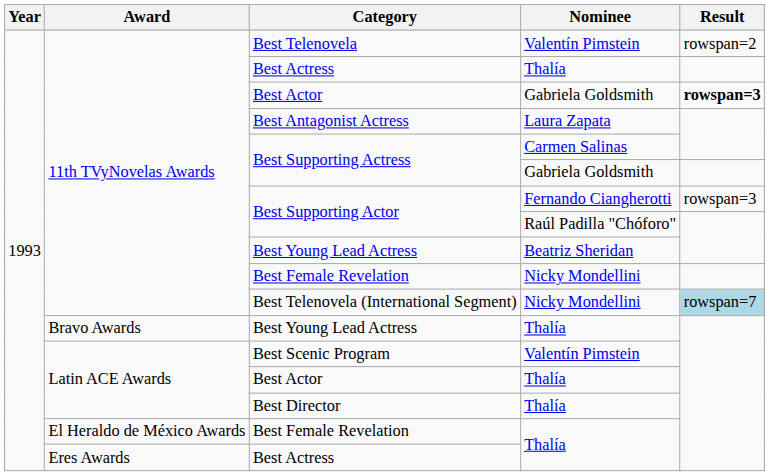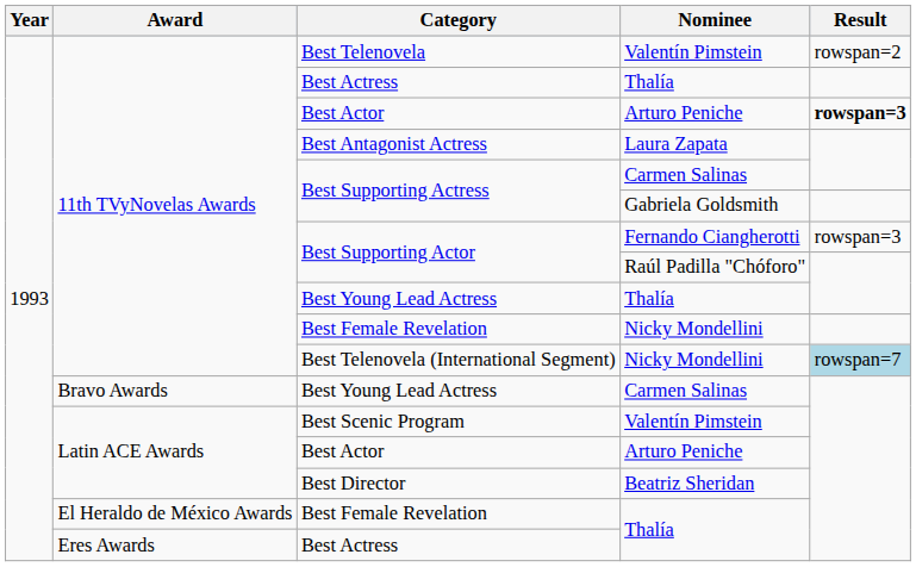 <table class="wikitable">
 <tr style="background:#b0c4de;">
 <th>Year</th>
 <th>Award</th>
 <th>Category</th>
 <th>Nominee</th>
 <th>Result</th>
 </tr>
 <tr>
 <td rowspan=17>1993</td>
 <td rowspan=11><a href='#'>11th TVyNovelas Awards</a></td>
 <td><a href='#'>Best Telenovela</a></td>
 <td><a href='#'>Valentín Pimstein</a></td>
 <td>rowspan=2 </td>
 </tr>
 <tr>
 <td><a href='#'>Best Actress</a></td>
 <td><a href='#'>Thalía</a></td>
 </tr>
 <tr>
 <td><a href='#'>Best Actor</a></td>
-<td>Gabriela Goldsmith</td>
+<td><a href='#'>Arturo Peniche</a></td>
 <td><strong>rowspan=3 </strong></td>
 </tr>
 <tr>
 <td><a href='#'>Best Antagonist Actress</a></td>
 <td><a href='#'>Laura Zapata</a></td>
 </tr>
 <tr>
 <td rowspan=2><a href='#'>Best Supporting Actress</a></td>
 <td><a href='#'>Carmen Salinas</a></td>
 </tr>
 <tr>
 <td>Gabriela Goldsmith</td>
 <td></td>
 </tr>
 <tr>
 <td rowspan=2><a href='#'>Best Supporting Actor</a></td>
 <td><a href='#'>Fernando Ciangherotti</a></td>
 <td>rowspan=3 </td>
 </tr>
 <tr>
 <td>Raúl Padilla "Chóforo"</td>
 </tr>
 <tr>
 <td><a href='#'>Best Young Lead Actress</a></td>
-<td><a href='#'>Beatriz Sheridan</a></td>
+<td><a href='#'>Thalía</a></td>
 </tr>
 <tr>
 <td><a href='#'>Best Female Revelation</a></td>
 <td><a href='#'>Nicky Mondellini</a></td>
 <td></td>
 </tr>
 <tr>
 <td>Best Telenovela (International Segment)</td>
 <td><a href='#'>Nicky Mondellini</a></td>
 <td style="background: lightblue;">rowspan=7 </td>
 </tr>
 <tr>
 <td>Bravo Awards</td>
 <td>Best Young Lead Actress</td>
-<td><a href='#'>Thalía</a></td>
+<td><a href='#'>Carmen Salinas</a></td>
 </tr>
 <tr>
 <td rowspan=3>Latin ACE Awards</td>
 <td>Best Scenic Program</td>
 <td><a href='#'>Valentín Pimstein</a></td>
 </tr>
 <tr>
 <td>Best Actor</td>
-<td><a href='#'>Thalía</a></td>
+<td><a href='#'>Arturo Peniche</a></td>
 </tr>
 <tr>
 <td>Best Director</td>
-<td><a href='#'>Thalía</a></td>
+<td><a href='#'>Beatriz Sheridan</a></td>
 </tr>
 <tr>
 <td>El Heraldo de México Awards</td>
 <td>Best Female Revelation</td>
 <td rowspan=2><a href='#'>Thalía</a></td>
 </tr>
 <tr>
 <td>Eres Awards</td>
 <td>Best Actress</td>
 </tr>
 </table>
